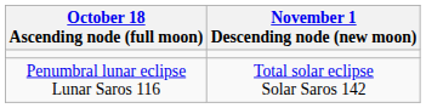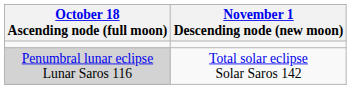 <table class="wikitable">
 <tr>
 <th><a href='#'>October 18</a><br>Ascending node (full moon)</th>
 <th><a href='#'>November 1</a><br>Descending node (new moon)</th>
 </tr>
 <tr>
 <td></td>
 <td></td>
 </tr>
 <tr align=center>
-<td><a href='#'>Penumbral lunar eclipse</a><br>Lunar Saros 116</td>
+<td style="background: lightgrey;"><a href='#'>Penumbral lunar eclipse</a><br>Lunar Saros 116</td>
 <td><a href='#'>Total solar eclipse</a><br>Solar Saros 142</td>
 </tr>
 </table>
